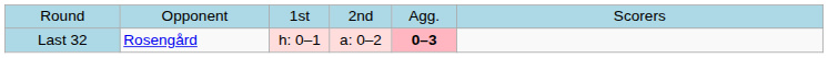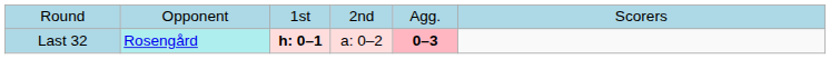 <table class="wikitable" style="text-align:center">
 <tr bgcolor=lightblue>
 <td width=160px>Round</td>
 <td width=200px>Opponent</td>
 <td width=80px>1st</td>
 <td width=80px>2nd</td>
 <td width=80px>Agg.</td>
 <td width=600px>Scorers</td>
 </tr>
 <tr>
 <td bgcolor=lightblue>Last 32</td>
-<td align=left> <a href='#'>Rosengård</a></td>
-<td bgcolor="#ffdddd">h: 0–1</td>
+<td align=left style="background: paleturquoise;"> <a href='#'>Rosengård</a></td>
+<td bgcolor="#ffdddd"><strong>h: 0–1</strong></td>
 <td bgcolor="#ffdddd">a: 0–2</td>
 <td bgcolor=lightpink><strong>0–3</strong></td>
 <td></td>
 </tr>
 </table>
